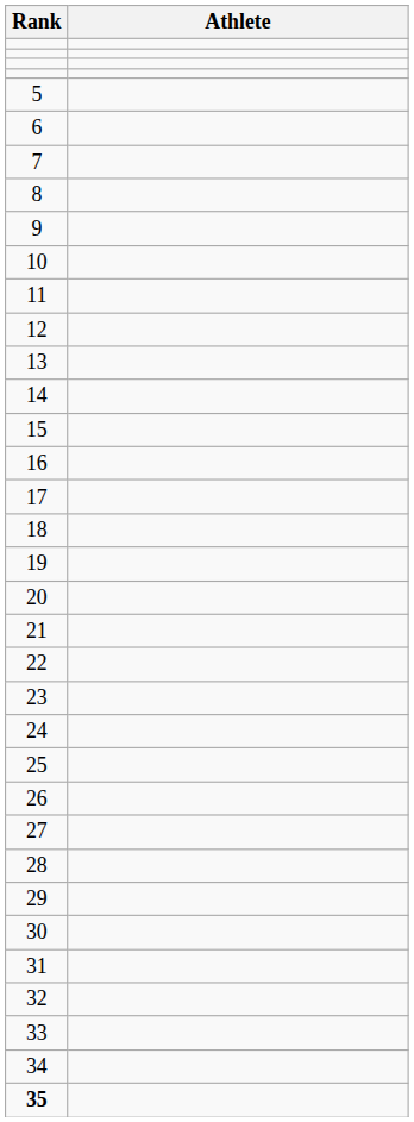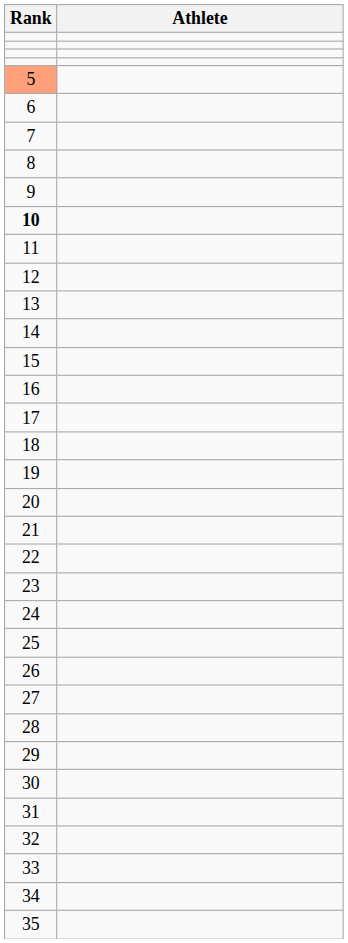 <table class="wikitable" style="text-align: center;">
 <tr>
 <th width=40>Rank</th>
 <th width=250>Athlete</th>
 </tr>
 <tr>
 <td></td>
 <td align=left></td>
 </tr>
 <tr>
 <td></td>
 <td align=left></td>
 </tr>
 <tr>
 <td></td>
 <td align=left></td>
 </tr>
 <tr>
 <td></td>
 <td align=left></td>
 </tr>
 <tr>
-<td>5</td>
+<td style="background: lightsalmon;">5</td>
 <td align=left></td>
 </tr>
 <tr>
 <td>6</td>
 <td align=left></td>
 </tr>
 <tr>
 <td>7</td>
 <td align=left></td>
 </tr>
 <tr>
 <td>8</td>
 <td align=left></td>
 </tr>
 <tr>
 <td>9</td>
 <td align=left></td>
 </tr>
 <tr>
-<td>10</td>
+<td><strong>10</strong></td>
 <td align=left></td>
 </tr>
 <tr>
 <td>11</td>
 <td align=left></td>
 </tr>
 <tr>
 <td>12</td>
 <td align=left></td>
 </tr>
 <tr>
 <td>13</td>
 <td align=left></td>
 </tr>
 <tr>
 <td>14</td>
 <td align=left></td>
 </tr>
 <tr>
 <td>15</td>
 <td align=left></td>
 </tr>
 <tr>
 <td>16</td>
 <td align=left></td>
 </tr>
 <tr>
 <td>17</td>
 <td align=left></td>
 </tr>
 <tr>
 <td>18</td>
 <td align=left></td>
 </tr>
 <tr>
 <td>19</td>
 <td align=left></td>
 </tr>
 <tr>
 <td>20</td>
 <td align=left></td>
 </tr>
 <tr>
 <td>21</td>
 <td align=left></td>
 </tr>
 <tr>
 <td>22</td>
 <td align=left></td>
 </tr>
 <tr>
 <td>23</td>
 <td align=left></td>
 </tr>
 <tr>
 <td>24</td>
 <td align=left></td>
 </tr>
 <tr>
 <td>25</td>
 <td align=left></td>
 </tr>
 <tr>
 <td>26</td>
 <td align=left></td>
 </tr>
 <tr>
 <td>27</td>
 <td align=left></td>
 </tr>
 <tr>
 <td>28</td>
 <td align=left></td>
 </tr>
 <tr>
 <td>29</td>
 <td align=left></td>
 </tr>
 <tr>
 <td>30</td>
 <td align=left></td>
 </tr>
 <tr>
 <td>31</td>
 <td align=left></td>
 </tr>
 <tr>
 <td>32</td>
 <td align=left></td>
 </tr>
 <tr>
 <td>33</td>
 <td align=left></td>
 </tr>
 <tr>
 <td>34</td>
 <td align=left></td>
 </tr>
 <tr>
-<td><strong>35</strong></td>
+<td>35</td>
 <td align=left></td>
 </tr>
 </table>
